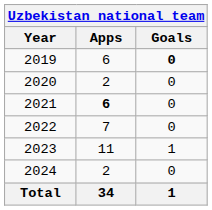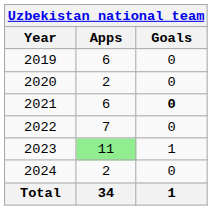 <table class="wikitable" style="text-align:center">
 <tr>
 <th colspan=3><a href='#'>Uzbekistan national team</a></th>
 </tr>
 <tr>
 <th>Year</th>
 <th>Apps</th>
 <th>Goals</th>
 </tr>
 <tr>
 <td>2019</td>
 <td>6</td>
-<td><strong>0</strong></td>
+<td>0</td>
 </tr>
 <tr>
 <td>2020</td>
 <td>2</td>
 <td>0</td>
 </tr>
 <tr>
 <td>2021</td>
-<td><strong>6</strong></td>
-<td>0</td>
+<td>6</td>
+<td><strong>0</strong></td>
 </tr>
 <tr>
 <td>2022</td>
 <td>7</td>
 <td>0</td>
 </tr>
 <tr>
 <td>2023</td>
-<td>11</td>
+<td style="background: lightgreen;">11</td>
 <td>1</td>
 </tr>
 <tr>
 <td>2024</td>
 <td>2</td>
 <td>0</td>
 </tr>
 <tr>
 <th>Total</th>
 <th>34</th>
 <th>1</th>
 </tr>
 </table>
